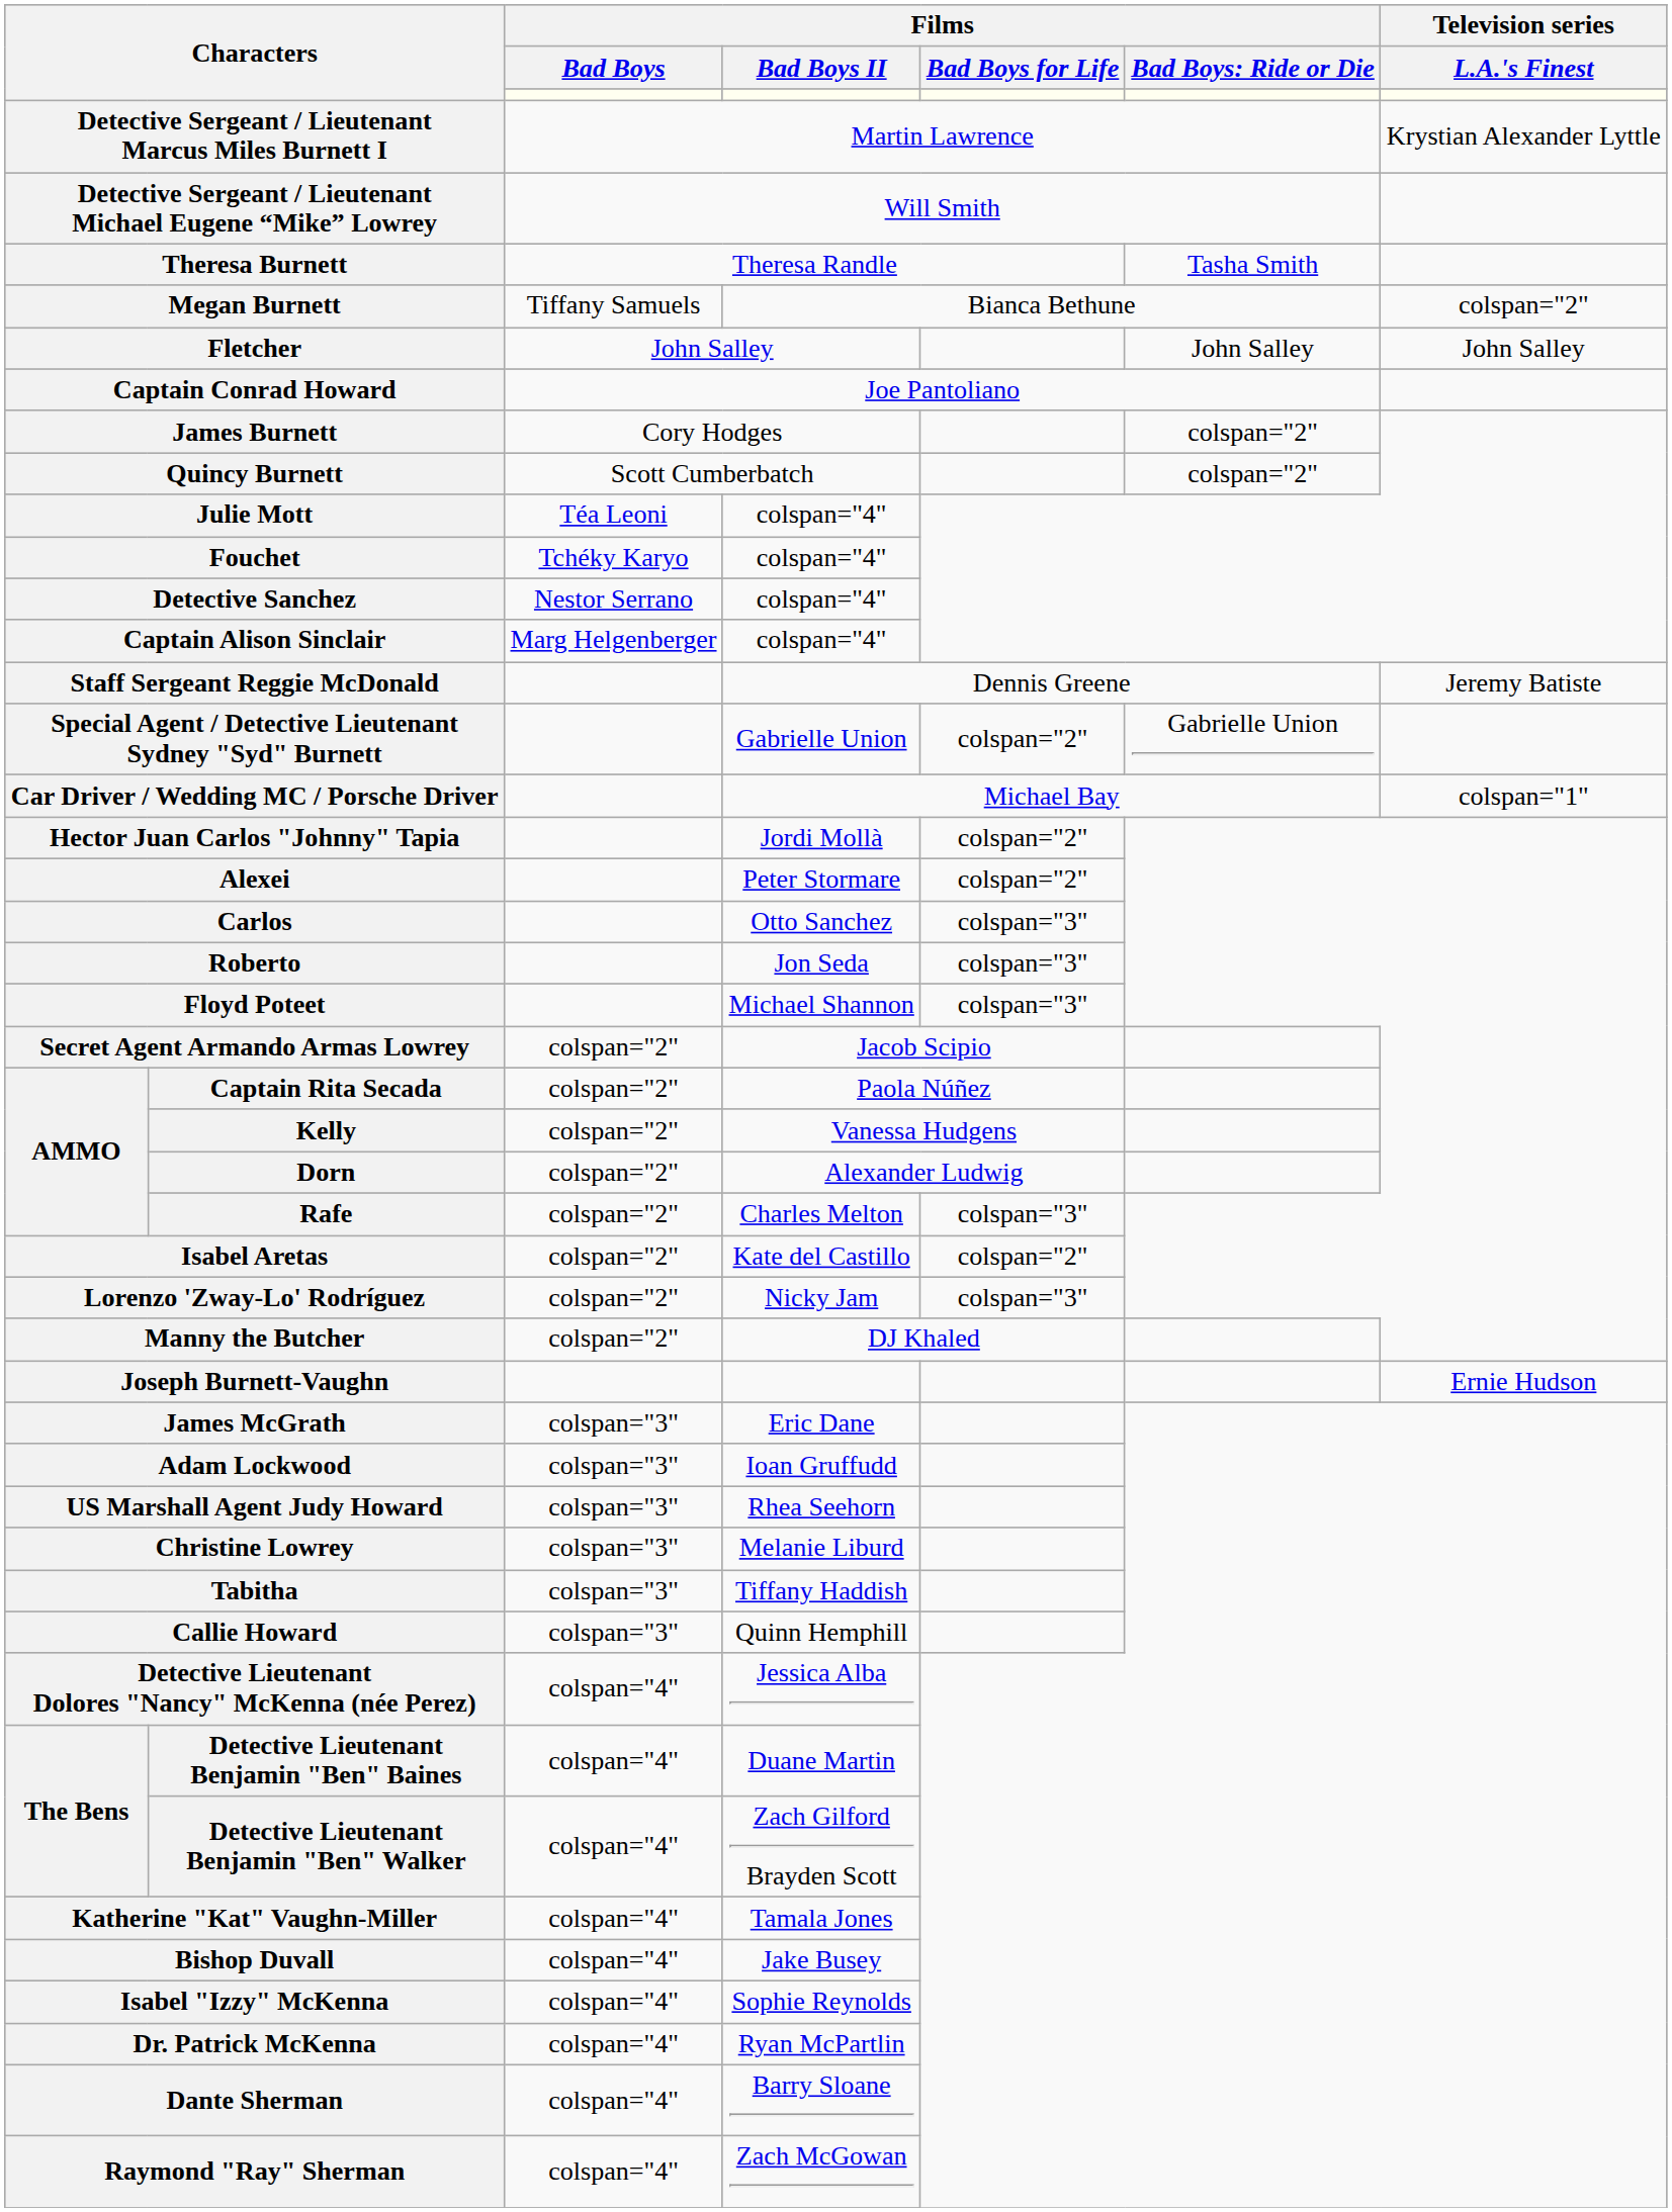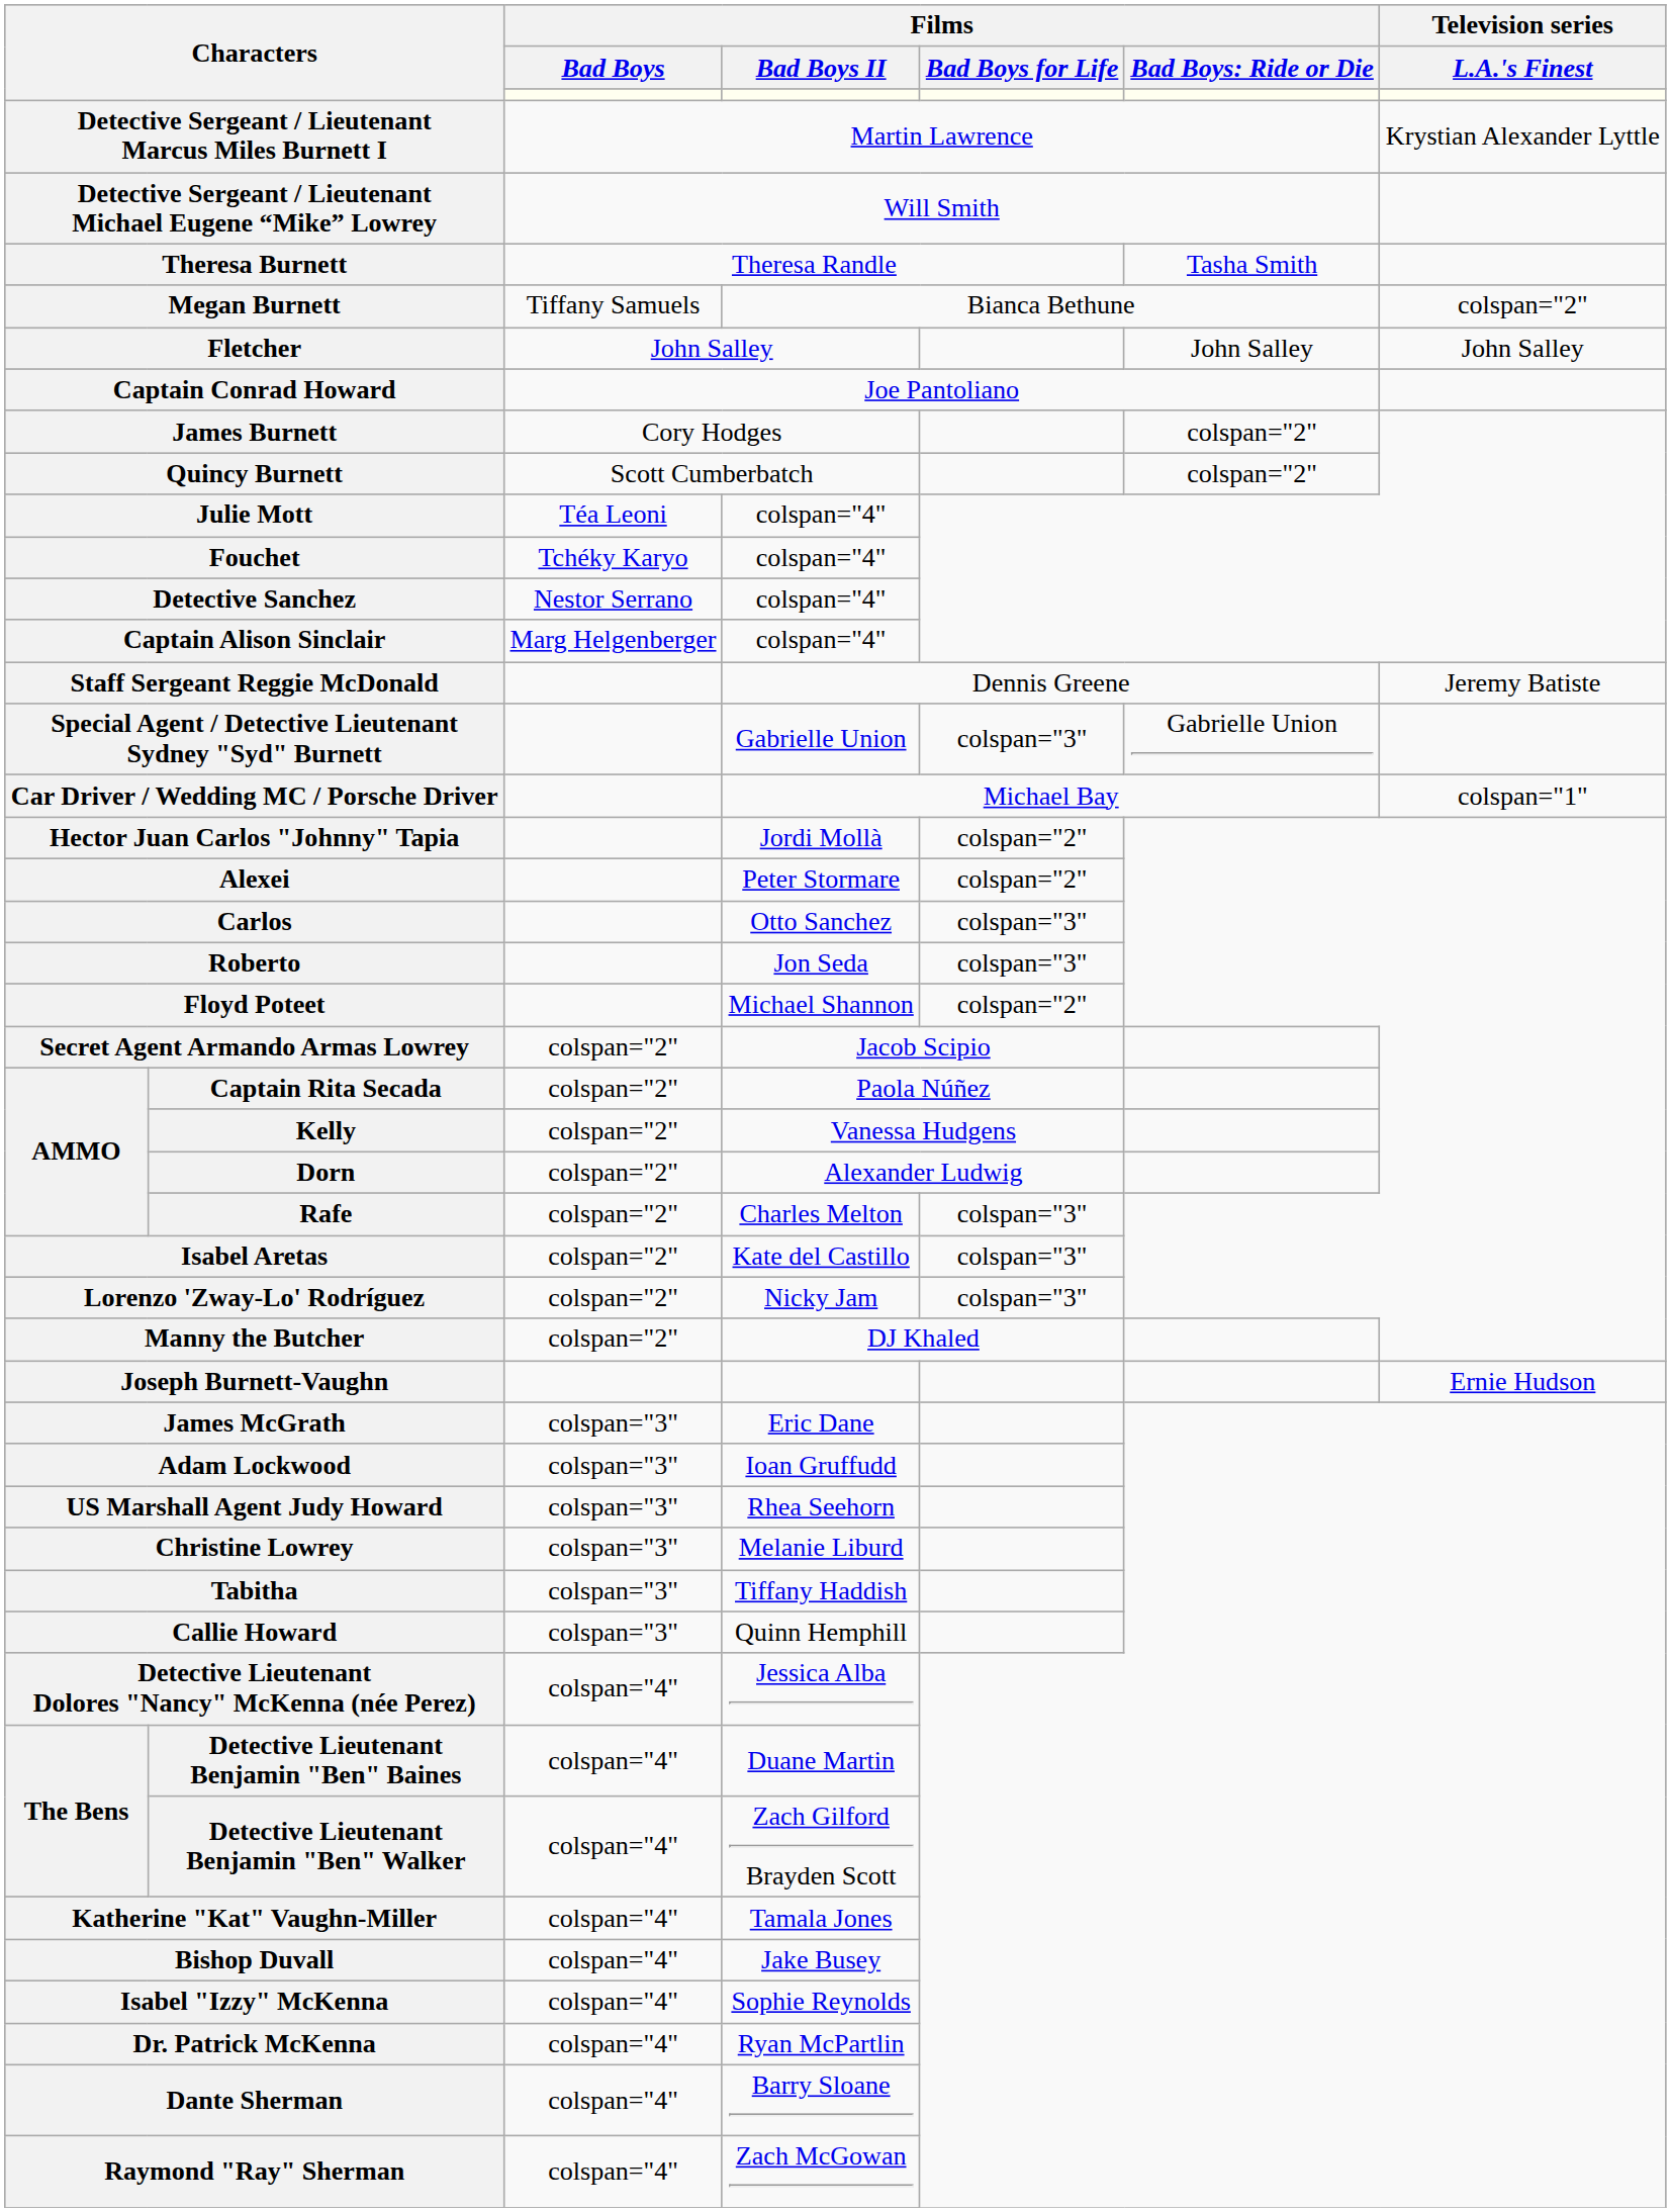 <table class="wikitable" style="text-align:center;">
 <tr>
 <th rowspan="3" colspan="2">Characters</th>
 <th colspan="4">Films</th>
 <th>Television series</th>
 </tr>
 <tr>
 <th><em><a href='#'>Bad Boys</a></em></th>
 <th><em><a href='#'>Bad Boys II</a></em></th>
 <th><em><a href='#'>Bad Boys for Life</a></em></th>
 <th><em><a href='#'>Bad Boys: Ride or Die</a></em></th>
 <th><em><a href='#'>L.A.'s Finest</a></em></th>
 </tr>
 <tr>
 <th style="background:ivory;"></th>
 <th style="background:ivory;"></th>
 <th style="background:ivory;"></th>
 <th style="background:ivory;"></th>
 <th style="background:ivory;"></th>
 </tr>
 <tr>
 <th colspan="2">Detective Sergeant / Lieutenant<br>Marcus Miles Burnett I</th>
 <td colspan="4"><a href='#'>Martin Lawrence</a></td>
 <td>Krystian Alexander Lyttle</td>
 </tr>
 <tr>
 <th colspan="2">Detective Sergeant / Lieutenant<br>Michael Eugene “Mike” Lowrey</th>
 <td colspan="4"><a href='#'>Will Smith</a></td>
 <td></td>
 </tr>
 <tr>
 <th colspan="2">Theresa Burnett</th>
 <td colspan="3"><a href='#'>Theresa Randle</a></td>
 <td><a href='#'>Tasha Smith</a></td>
 <td></td>
 </tr>
 <tr>
 <th colspan="2">Megan Burnett</th>
 <td>Tiffany Samuels</td>
 <td colspan="3">Bianca Bethune</td>
 <td>colspan="2" </td>
 </tr>
 <tr>
 <th colspan="2">Fletcher</th>
 <td colspan="2"><a href='#'>John Salley</a></td>
 <td></td>
 <td>John Salley</td>
 <td>John Salley</td>
 </tr>
 <tr>
 <th colspan="2">Captain Conrad Howard</th>
 <td colspan="4"><a href='#'>Joe Pantoliano</a></td>
 <td></td>
 </tr>
 <tr>
 <th colspan="2">James Burnett</th>
 <td colspan="2">Cory Hodges</td>
 <td></td>
 <td>colspan="2" </td>
 </tr>
 <tr>
 <th colspan="2">Quincy Burnett</th>
 <td colspan="2">Scott Cumberbatch</td>
 <td></td>
 <td>colspan="2" </td>
 </tr>
 <tr>
 <th colspan="2">Julie Mott</th>
 <td><a href='#'>Téa Leoni</a></td>
 <td>colspan="4" </td>
 </tr>
 <tr>
 <th colspan="2">Fouchet</th>
 <td><a href='#'>Tchéky Karyo</a></td>
 <td>colspan="4" </td>
 </tr>
 <tr>
 <th colspan="2">Detective Sanchez</th>
 <td><a href='#'>Nestor Serrano</a></td>
 <td>colspan="4" </td>
 </tr>
 <tr>
 <th colspan="2">Captain Alison Sinclair</th>
 <td><a href='#'>Marg Helgenberger</a></td>
 <td>colspan="4" </td>
 </tr>
 <tr>
 <th colspan="2">Staff Sergeant Reggie McDonald</th>
 <td></td>
 <td colspan="3">Dennis Greene</td>
 <td>Jeremy Batiste</td>
 </tr>
 <tr>
 <th colspan="2">Special Agent / Detective Lieutenant<br>Sydney "Syd" Burnett</th>
 <td></td>
 <td><a href='#'>Gabrielle Union</a></td>
-<td>colspan="2" </td>
+<td>colspan="3" </td>
 <td>Gabrielle Union<hr></td>
 </tr>
 <tr>
 <th colspan="2">Car Driver / Wedding MC / Porsche Driver</th>
 <td></td>
 <td colspan="3"><a href='#'>Michael Bay</a></td>
 <td>colspan="1" </td>
 </tr>
 <tr>
 <th colspan="2">Hector Juan Carlos "Johnny" Tapia</th>
 <td></td>
 <td><a href='#'>Jordi Mollà</a></td>
 <td>colspan="2" </td>
 </tr>
 <tr>
 <th colspan="2">Alexei</th>
 <td></td>
 <td><a href='#'>Peter Stormare</a></td>
 <td>colspan="2" </td>
 </tr>
 <tr>
 <th colspan="2">Carlos</th>
 <td></td>
 <td><a href='#'>Otto Sanchez</a></td>
 <td>colspan="3" </td>
 </tr>
 <tr>
 <th colspan="2">Roberto</th>
 <td></td>
 <td><a href='#'>Jon Seda</a></td>
 <td>colspan="3" </td>
 </tr>
 <tr>
 <th colspan="2">Floyd Poteet</th>
 <td></td>
 <td><a href='#'>Michael Shannon</a></td>
-<td>colspan="3" </td>
+<td>colspan="2" </td>
 </tr>
 <tr>
 <th colspan="2">Secret Agent Armando Armas Lowrey</th>
 <td>colspan="2" </td>
 <td colspan="2"><a href='#'>Jacob Scipio</a></td>
 <td></td>
 </tr>
 <tr>
 <th rowspan="4">AMMO</th>
 <th>Captain Rita Secada</th>
 <td>colspan="2" </td>
 <td colspan="2"><a href='#'>Paola Núñez</a></td>
 <td></td>
 </tr>
 <tr>
 <th>Kelly</th>
 <td>colspan="2" </td>
 <td colspan="2"><a href='#'>Vanessa Hudgens</a></td>
 <td></td>
 </tr>
 <tr>
 <th>Dorn</th>
 <td>colspan="2" </td>
 <td colspan="2"><a href='#'>Alexander Ludwig</a></td>
 <td></td>
 </tr>
 <tr>
 <th>Rafe</th>
 <td>colspan="2" </td>
 <td><a href='#'>Charles Melton</a></td>
 <td>colspan="3" </td>
 </tr>
 <tr>
 <th colspan="2">Isabel Aretas</th>
 <td>colspan="2" </td>
 <td><a href='#'>Kate del Castillo</a></td>
-<td>colspan="2" </td>
+<td>colspan="3" </td>
 </tr>
 <tr>
 <th colspan="2">Lorenzo 'Zway-Lo' Rodríguez</th>
 <td>colspan="2" </td>
 <td><a href='#'>Nicky Jam</a></td>
 <td>colspan="3" </td>
 </tr>
 <tr>
 <th colspan="2">Manny the Butcher</th>
 <td>colspan="2" </td>
 <td colspan="2"><a href='#'>DJ Khaled</a></td>
 <td></td>
 </tr>
 <tr>
 <th colspan="2">Joseph Burnett-Vaughn</th>
 <td></td>
 <td></td>
 <td></td>
 <td></td>
 <td><a href='#'>Ernie Hudson</a></td>
 </tr>
 <tr>
 <th colspan="2">James McGrath</th>
 <td>colspan="3" </td>
 <td><a href='#'>Eric Dane</a></td>
 <td></td>
 </tr>
 <tr>
 <th colspan="2">Adam Lockwood</th>
 <td>colspan="3" </td>
 <td><a href='#'>Ioan Gruffudd</a></td>
 <td></td>
 </tr>
 <tr>
 <th colspan="2">US Marshall Agent Judy Howard</th>
 <td>colspan="3" </td>
 <td><a href='#'>Rhea Seehorn</a></td>
 <td></td>
 </tr>
 <tr>
 <th colspan="2">Christine Lowrey</th>
 <td>colspan="3" </td>
 <td><a href='#'>Melanie Liburd</a></td>
 <td></td>
 </tr>
 <tr>
 <th colspan="2">Tabitha</th>
 <td>colspan="3" </td>
 <td><a href='#'>Tiffany Haddish</a></td>
 <td></td>
 </tr>
 <tr>
 <th colspan="2">Callie Howard</th>
 <td>colspan="3" </td>
 <td>Quinn Hemphill</td>
 <td></td>
 </tr>
 <tr>
 <th colspan="2">Detective Lieutenant<br>Dolores "Nancy" McKenna (née Perez)</th>
 <td>colspan="4" </td>
 <td><a href='#'>Jessica Alba</a><hr></td>
 </tr>
 <tr>
 <th rowspan="2">The Bens</th>
 <th>Detective Lieutenant<br>Benjamin "Ben" Baines</th>
 <td>colspan="4" </td>
 <td><a href='#'>Duane Martin</a></td>
 </tr>
 <tr>
 <th>Detective Lieutenant<br>Benjamin "Ben" Walker</th>
 <td>colspan="4" </td>
 <td><a href='#'>Zach Gilford</a><hr>Brayden Scott</td>
 </tr>
 <tr>
 <th colspan="2">Katherine "Kat" Vaughn-Miller</th>
 <td>colspan="4" </td>
 <td><a href='#'>Tamala Jones</a></td>
 </tr>
 <tr>
 <th colspan="2">Bishop Duvall</th>
 <td>colspan="4" </td>
 <td><a href='#'>Jake Busey</a></td>
 </tr>
 <tr>
 <th colspan="2">Isabel "Izzy" McKenna</th>
 <td>colspan="4" </td>
 <td><a href='#'>Sophie Reynolds</a></td>
 </tr>
 <tr>
 <th colspan="2">Dr. Patrick McKenna</th>
 <td>colspan="4" </td>
 <td><a href='#'>Ryan McPartlin</a></td>
 </tr>
 <tr>
 <th colspan="2">Dante Sherman</th>
 <td>colspan="4" </td>
 <td><a href='#'>Barry Sloane</a><hr></td>
 </tr>
 <tr>
 <th colspan="2">Raymond "Ray" Sherman</th>
 <td>colspan="4" </td>
 <td><a href='#'>Zach McGowan</a><hr></td>
 </tr>
 <tr>
 </tr>
 </table>
